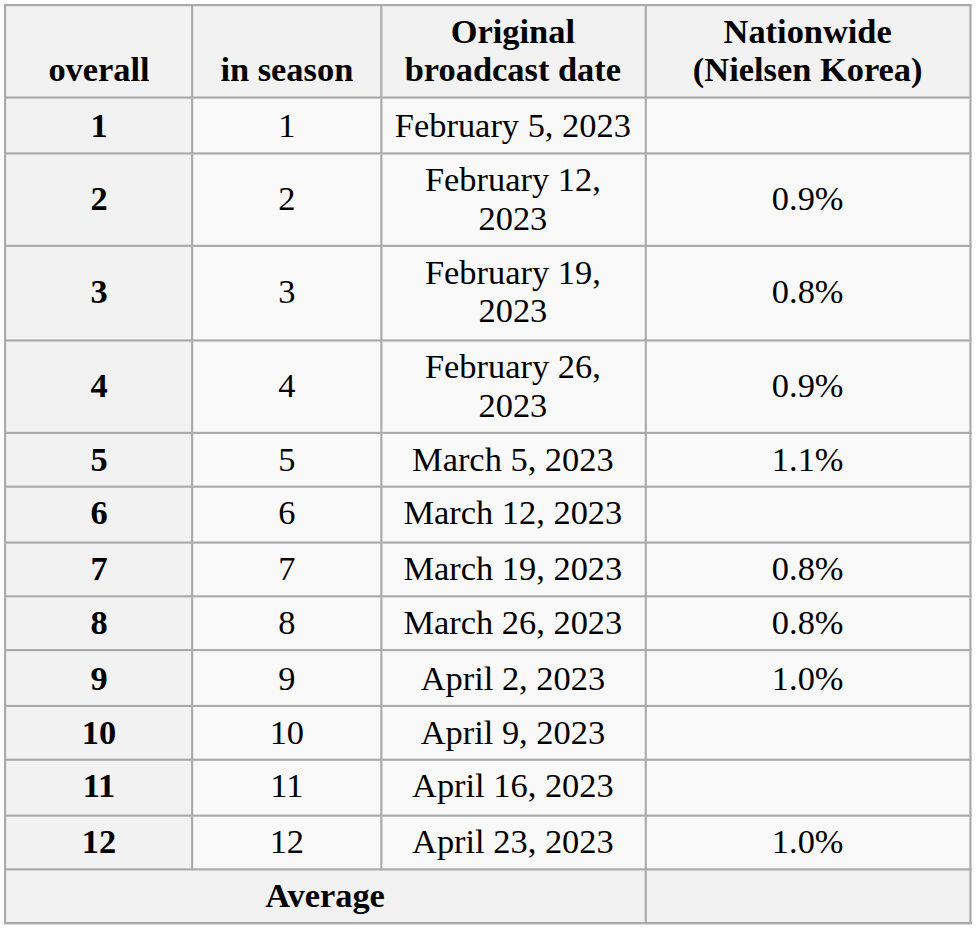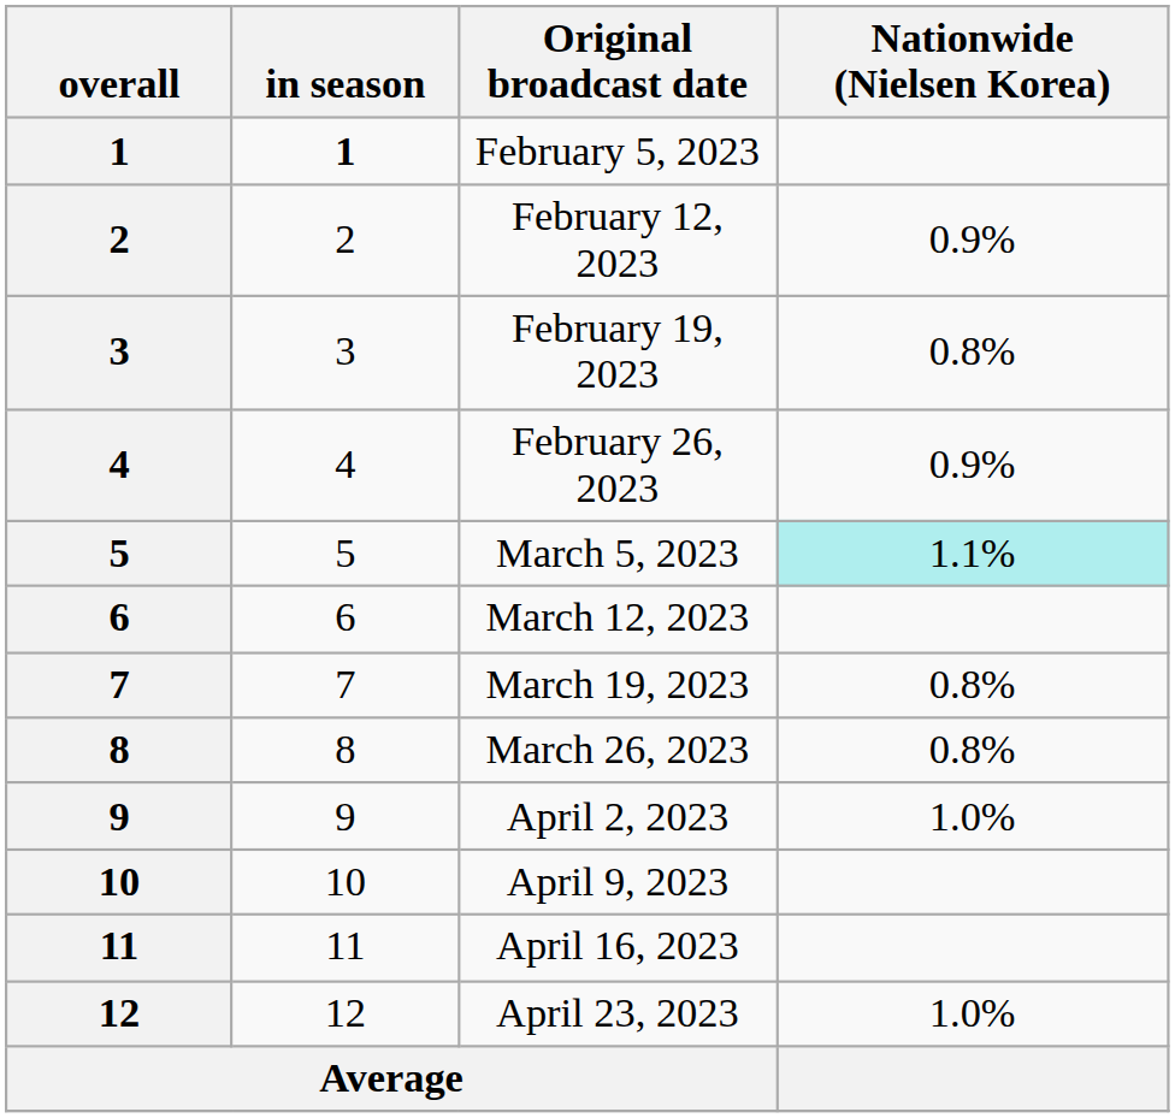 <table class="wikitable" style="width:450px; text-align:center">
 <tr>
 <th scope="col" style="width:5em"><br>overall</th>
 <th scope="col" style="width:5em"><br>in season</th>
 <th scope="col">Original broadcast date</th>
 <th scope="col" style="width:9em">Nationwide<br>(Nielsen Korea)</th>
 </tr>
 <tr>
 <th>1</th>
-<td>1</td>
+<td><strong>1</strong></td>
 <td>February 5, 2023</td>
 <td><strong></strong></td>
 </tr>
 <tr>
 <th>2</th>
 <td>2</td>
 <td>February 12, 2023</td>
 <td>0.9%</td>
 </tr>
 <tr>
 <th>3</th>
 <td>3</td>
 <td>February 19, 2023</td>
 <td>0.8%</td>
 </tr>
 <tr>
 <th>4</th>
 <td>4</td>
 <td>February 26, 2023</td>
 <td>0.9%</td>
 </tr>
 <tr>
 <th>5</th>
 <td>5</td>
 <td>March 5, 2023</td>
-<td>1.1%</td>
+<td style="background: paleturquoise;">1.1%</td>
 </tr>
 <tr>
 <th>6</th>
 <td>6</td>
 <td>March 12, 2023</td>
 <td><strong></strong></td>
 </tr>
 <tr>
 <th>7</th>
 <td>7</td>
 <td>March 19, 2023</td>
 <td>0.8%</td>
 </tr>
 <tr>
 <th>8</th>
 <td>8</td>
 <td>March 26, 2023</td>
 <td>0.8%</td>
 </tr>
 <tr>
 <th>9</th>
 <td>9</td>
 <td>April 2, 2023</td>
 <td>1.0%</td>
 </tr>
 <tr>
 <th>10</th>
 <td>10</td>
 <td>April 9, 2023</td>
 <td><strong></strong></td>
 </tr>
 <tr>
 <th>11</th>
 <td>11</td>
 <td>April 16, 2023</td>
 <td><strong></strong></td>
 </tr>
 <tr>
 <th>12</th>
 <td>12</td>
 <td>April 23, 2023</td>
 <td>1.0%</td>
 </tr>
 <tr>
 <th scope="col" colspan="3">Average</th>
 <th scope="col"></th>
 </tr>
 <tr>
 </tr>
 </table>
